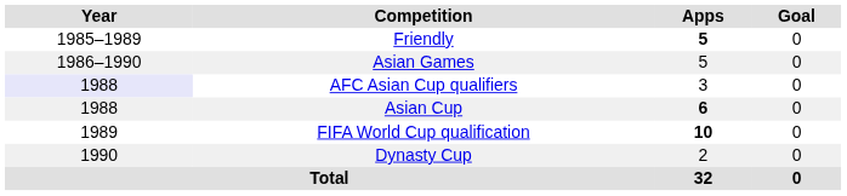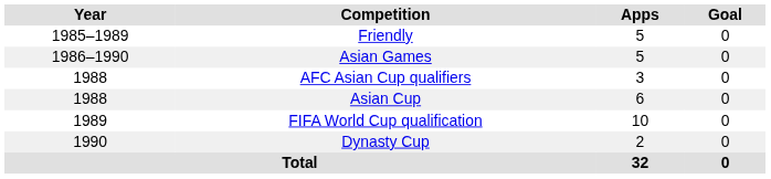 <table border="0" cellpadding="2" cellspacing="0" style="width:50%;">
 <tr style="text-align:center; background:#e0e0e0;">
 <th>Year</th>
 <th>Competition</th>
 <th>Apps</th>
 <th>Goal</th>
 </tr>
 <tr style="text-align:center;">
 <td>1985–1989</td>
 <td><a href='#'>Friendly</a></td>
-<td><strong>5</strong></td>
+<td>5</td>
 <td>0</td>
 </tr>
 <tr style="text-align:center; background:#f0f0f0;">
 <td>1986–1990</td>
 <td><a href='#'>Asian Games</a></td>
 <td>5</td>
 <td>0</td>
 </tr>
 <tr style="text-align:center;">
-<td style="background: lavender;">1988</td>
+<td>1988</td>
 <td><a href='#'>AFC Asian Cup qualifiers</a></td>
 <td>3</td>
 <td>0</td>
 </tr>
 <tr style="text-align:center; background:#f0f0f0;">
 <td>1988</td>
 <td><a href='#'>Asian Cup</a></td>
-<td><strong>6</strong></td>
+<td>6</td>
 <td>0</td>
 </tr>
 <tr style="text-align:center;">
 <td>1989</td>
 <td><a href='#'>FIFA World Cup qualification</a></td>
-<td><strong>10</strong></td>
+<td>10</td>
 <td>0</td>
 </tr>
 <tr style="text-align:center; background:#f0f0f0;">
 <td>1990</td>
 <td><a href='#'>Dynasty Cup</a></td>
 <td>2</td>
 <td>0</td>
 </tr>
 <tr style="text-align:center; background:#e0e0e0;">
 <th colspan="2">Total</th>
 <th style="text-align:center;">32</th>
 <th style="text-align:center;">0</th>
 </tr>
 </table>
